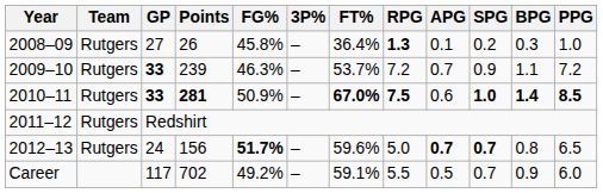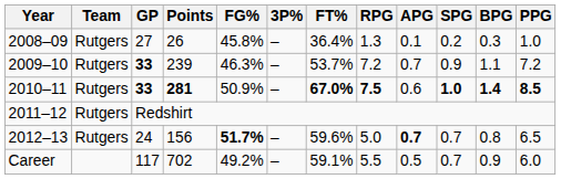 <table class="wikitable">
 <tr>
 <th>Year</th>
 <th>Team</th>
 <th>GP</th>
 <th>Points</th>
 <th>FG%</th>
 <th>3P%</th>
 <th>FT%</th>
 <th>RPG</th>
 <th>APG</th>
 <th>SPG</th>
 <th>BPG</th>
 <th>PPG</th>
 </tr>
 <tr>
 <td>2008–09</td>
 <td>Rutgers</td>
 <td>27</td>
 <td>26</td>
 <td>45.8%</td>
 <td>–</td>
 <td>36.4%</td>
-<td><strong>1.3</strong></td>
+<td>1.3</td>
 <td>0.1</td>
 <td>0.2</td>
 <td>0.3</td>
 <td>1.0</td>
 </tr>
 <tr>
 <td>2009–10</td>
 <td>Rutgers</td>
 <td><strong>33</strong></td>
 <td>239</td>
 <td>46.3%</td>
 <td>–</td>
 <td>53.7%</td>
 <td>7.2</td>
 <td>0.7</td>
 <td>0.9</td>
 <td>1.1</td>
 <td>7.2</td>
 </tr>
 <tr>
 <td>2010–11</td>
 <td>Rutgers</td>
 <td><strong>33</strong></td>
 <td><strong>281</strong></td>
 <td>50.9%</td>
 <td>–</td>
 <td><strong>67.0%</strong></td>
 <td><strong>7.5</strong></td>
 <td>0.6</td>
 <td><strong>1.0</strong></td>
 <td><strong>1.4</strong></td>
 <td><strong>8.5</strong></td>
 </tr>
 <tr>
 <td>2011–12</td>
 <td>Rutgers</td>
 <td colspan="10">Redshirt</td>
 </tr>
 <tr>
 <td>2012–13</td>
 <td>Rutgers</td>
 <td>24</td>
 <td>156</td>
 <td><strong>51.7%</strong></td>
 <td>–</td>
 <td>59.6%</td>
 <td>5.0</td>
 <td><strong>0.7</strong></td>
-<td><strong>0.7</strong></td>
+<td>0.7</td>
 <td>0.8</td>
 <td>6.5</td>
 </tr>
 <tr>
 <td>Career</td>
 <td></td>
 <td>117</td>
 <td>702</td>
 <td>49.2%</td>
 <td>–</td>
 <td>59.1%</td>
 <td>5.5</td>
 <td>0.5</td>
 <td>0.7</td>
 <td>0.9</td>
 <td>6.0</td>
 </tr>
 </table>
